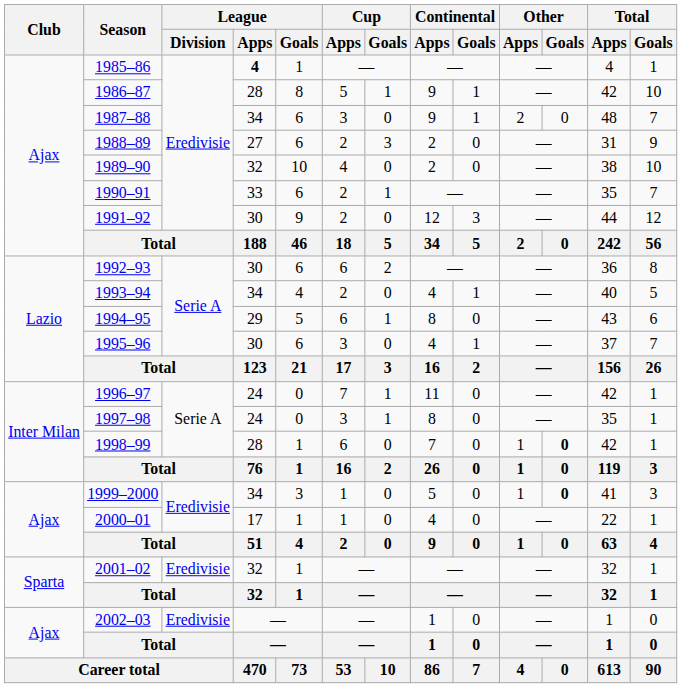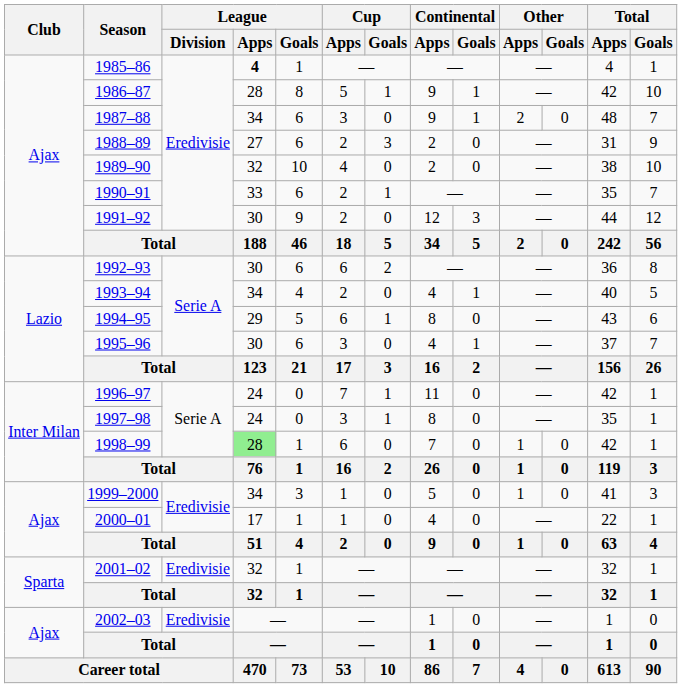 <table class="wikitable" style="text-align:center">
 <tr>
 <th rowspan="2">Club</th>
 <th rowspan="2">Season</th>
 <th colspan="3">League</th>
 <th colspan="2">Cup</th>
 <th colspan="2">Continental</th>
 <th colspan="2">Other</th>
 <th colspan="2">Total</th>
 </tr>
 <tr>
 <th>Division</th>
 <th>Apps</th>
 <th>Goals</th>
 <th>Apps</th>
 <th>Goals</th>
 <th>Apps</th>
 <th>Goals</th>
 <th>Apps</th>
 <th>Goals</th>
 <th>Apps</th>
 <th>Goals</th>
 </tr>
 <tr>
 <td rowspan="8"><a href='#'>Ajax</a></td>
 <td><a href='#'>1985–86</a></td>
 <td rowspan="7"><a href='#'>Eredivisie</a></td>
 <td><strong>4</strong></td>
 <td>1</td>
 <td colspan="2">—</td>
 <td colspan="2">—</td>
 <td colspan="2">—</td>
 <td>4</td>
 <td>1</td>
 </tr>
 <tr>
 <td><a href='#'>1986–87</a></td>
 <td>28</td>
 <td>8</td>
 <td>5</td>
 <td>1</td>
 <td>9</td>
 <td>1</td>
 <td colspan="2">—</td>
 <td>42</td>
 <td>10</td>
 </tr>
 <tr>
 <td><a href='#'>1987–88</a></td>
 <td>34</td>
 <td>6</td>
 <td>3</td>
 <td>0</td>
 <td>9</td>
 <td>1</td>
 <td>2</td>
 <td>0</td>
 <td>48</td>
 <td>7</td>
 </tr>
 <tr>
 <td><a href='#'>1988–89</a></td>
 <td>27</td>
 <td>6</td>
 <td>2</td>
 <td>3</td>
 <td>2</td>
 <td>0</td>
 <td colspan="2">—</td>
 <td>31</td>
 <td>9</td>
 </tr>
 <tr>
 <td><a href='#'>1989–90</a></td>
 <td>32</td>
 <td>10</td>
 <td>4</td>
 <td>0</td>
 <td>2</td>
 <td>0</td>
 <td colspan="2">—</td>
 <td>38</td>
 <td>10</td>
 </tr>
 <tr>
 <td><a href='#'>1990–91</a></td>
 <td>33</td>
 <td>6</td>
 <td>2</td>
 <td>1</td>
 <td colspan="2">—</td>
 <td colspan="2">—</td>
 <td>35</td>
 <td>7</td>
 </tr>
 <tr>
 <td><a href='#'>1991–92</a></td>
 <td>30</td>
 <td>9</td>
 <td>2</td>
 <td>0</td>
 <td>12</td>
 <td>3</td>
 <td colspan="2">—</td>
 <td>44</td>
 <td>12</td>
 </tr>
 <tr>
 <th colspan="2">Total</th>
 <th>188</th>
 <th>46</th>
 <th>18</th>
 <th>5</th>
 <th>34</th>
 <th>5</th>
 <th>2</th>
 <th>0</th>
 <th>242</th>
 <th>56</th>
 </tr>
 <tr>
 <td rowspan="5"><a href='#'>Lazio</a></td>
 <td><a href='#'>1992–93</a></td>
 <td rowspan="4"><a href='#'>Serie A</a></td>
 <td>30</td>
 <td>6</td>
 <td>6</td>
 <td>2</td>
 <td colspan="2">—</td>
 <td colspan="2">—</td>
 <td>36</td>
 <td>8</td>
 </tr>
 <tr>
 <td><a href='#'>1993–94</a></td>
 <td>34</td>
 <td>4</td>
 <td>2</td>
 <td>0</td>
 <td>4</td>
 <td>1</td>
 <td colspan="2">—</td>
 <td>40</td>
 <td>5</td>
 </tr>
 <tr>
 <td><a href='#'>1994–95</a></td>
 <td>29</td>
 <td>5</td>
 <td>6</td>
 <td>1</td>
 <td>8</td>
 <td>0</td>
 <td colspan="2">—</td>
 <td>43</td>
 <td>6</td>
 </tr>
 <tr>
 <td><a href='#'>1995–96</a></td>
 <td>30</td>
 <td>6</td>
 <td>3</td>
 <td>0</td>
 <td>4</td>
 <td>1</td>
 <td colspan="2">—</td>
 <td>37</td>
 <td>7</td>
 </tr>
 <tr>
 <th colspan="2">Total</th>
 <th>123</th>
 <th>21</th>
 <th>17</th>
 <th>3</th>
 <th>16</th>
 <th>2</th>
 <th colspan="2">—</th>
 <th>156</th>
 <th>26</th>
 </tr>
 <tr>
 <td rowspan="4"><a href='#'>Inter Milan</a></td>
 <td><a href='#'>1996–97</a></td>
 <td rowspan="3">Serie A</td>
 <td>24</td>
 <td>0</td>
 <td>7</td>
 <td>1</td>
 <td>11</td>
 <td>0</td>
 <td colspan="2">—</td>
 <td>42</td>
 <td>1</td>
 </tr>
 <tr>
 <td><a href='#'>1997–98</a></td>
 <td>24</td>
 <td>0</td>
 <td>3</td>
 <td>1</td>
 <td>8</td>
 <td>0</td>
 <td colspan="2">—</td>
 <td>35</td>
 <td>1</td>
 </tr>
 <tr>
 <td><a href='#'>1998–99</a></td>
-<td>28</td>
+<td style="background: lightgreen;">28</td>
 <td>1</td>
 <td>6</td>
 <td>0</td>
 <td>7</td>
 <td>0</td>
 <td>1</td>
-<td><strong>0</strong></td>
+<td>0</td>
 <td>42</td>
 <td>1</td>
 </tr>
 <tr>
 <th colspan="2">Total</th>
 <th>76</th>
 <th>1</th>
 <th>16</th>
 <th>2</th>
 <th>26</th>
 <th>0</th>
 <th>1</th>
 <th>0</th>
 <th>119</th>
 <th>3</th>
 </tr>
 <tr>
 <td rowspan="3"><a href='#'>Ajax</a></td>
 <td><a href='#'>1999–2000</a></td>
 <td rowspan="2"><a href='#'>Eredivisie</a></td>
 <td>34</td>
 <td>3</td>
 <td>1</td>
 <td>0</td>
 <td>5</td>
 <td>0</td>
 <td>1</td>
-<td><strong>0</strong></td>
+<td>0</td>
 <td>41</td>
 <td>3</td>
 </tr>
 <tr>
 <td><a href='#'>2000–01</a></td>
 <td>17</td>
 <td>1</td>
 <td>1</td>
 <td>0</td>
 <td>4</td>
 <td>0</td>
 <td colspan="2">—</td>
 <td>22</td>
 <td>1</td>
 </tr>
 <tr>
 <th colspan="2">Total</th>
 <th>51</th>
 <th>4</th>
 <th>2</th>
 <th>0</th>
 <th>9</th>
 <th>0</th>
 <th>1</th>
 <th>0</th>
 <th>63</th>
 <th>4</th>
 </tr>
 <tr>
 <td rowspan="2"><a href='#'>Sparta</a></td>
 <td><a href='#'>2001–02</a></td>
 <td rowspan="1"><a href='#'>Eredivisie</a></td>
 <td>32</td>
 <td>1</td>
 <td colspan="2">—</td>
 <td colspan="2">—</td>
 <td colspan="2">—</td>
 <td>32</td>
 <td>1</td>
 </tr>
 <tr>
 <th colspan="2">Total</th>
 <th>32</th>
 <th>1</th>
 <th colspan="2">—</th>
 <th colspan="2">—</th>
 <th colspan="2">—</th>
 <th>32</th>
 <th>1</th>
 </tr>
 <tr>
 <td rowspan="2"><a href='#'>Ajax</a></td>
 <td><a href='#'>2002–03</a></td>
 <td rowspan="1"><a href='#'>Eredivisie</a></td>
 <td colspan="2">—</td>
 <td colspan="2">—</td>
 <td>1</td>
 <td>0</td>
 <td colspan="2">—</td>
 <td>1</td>
 <td>0</td>
 </tr>
 <tr>
 <th colspan="2">Total</th>
 <th colspan="2">—</th>
 <th colspan="2">—</th>
 <th>1</th>
 <th>0</th>
 <th colspan="2">—</th>
 <th>1</th>
 <th>0</th>
 </tr>
 <tr>
 <th colspan="3">Career total</th>
 <th>470</th>
 <th>73</th>
 <th>53</th>
 <th>10</th>
 <th>86</th>
 <th>7</th>
 <th>4</th>
 <th>0</th>
 <th>613</th>
 <th>90</th>
 </tr>
 </table>
